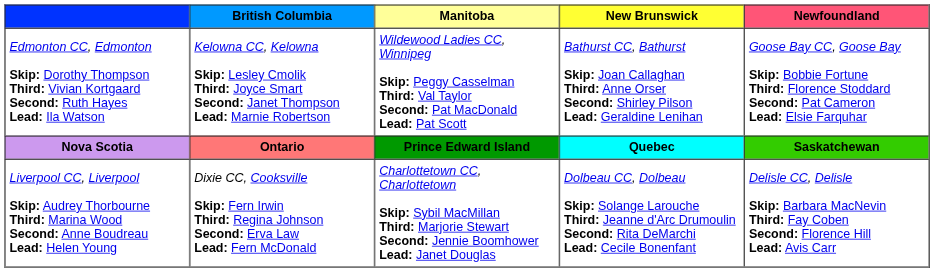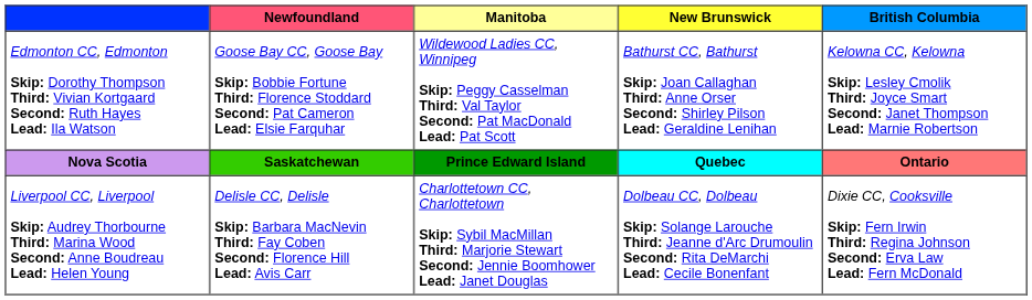 <table border=1 cellpadding=5 cellspacing=0>
 <tr>
 <th bgcolor="#0033ff" width="225"></th>
-<th bgcolor="#0099ff" width="225">British Columbia</th>
+<th bgcolor="#ff5577" width="225">Newfoundland</th>
 <th bgcolor="#ffff99" width="225">Manitoba</th>
 <th bgcolor="#ffff33" width="225">New Brunswick</th>
-<th bgcolor="#ff5577" width="225">Newfoundland</th>
+<th bgcolor="#0099ff" width="225">British Columbia</th>
 </tr>
 <tr>
 <td><em><a href='#'>Edmonton CC</a>, <a href='#'>Edmonton</a></em> <br><br><strong>Skip:</strong>  <a href='#'>Dorothy Thompson</a> <br> <strong>Third:</strong>  <a href='#'>Vivian Kortgaard</a> <br> <strong>Second:</strong>  <a href='#'>Ruth Hayes</a> <br> <strong>Lead:</strong> <a href='#'>Ila Watson</a></td>
-<td><em><a href='#'>Kelowna CC</a>, <a href='#'>Kelowna</a></em> <br><br><strong>Skip:</strong>  <a href='#'>Lesley Cmolik</a> <br> <strong>Third:</strong>  <a href='#'>Joyce Smart</a> <br> <strong>Second:</strong>  <a href='#'>Janet Thompson</a> <br> <strong>Lead:</strong> <a href='#'>Marnie Robertson</a></td>
+<td><em><a href='#'>Goose Bay CC</a>, <a href='#'>Goose Bay</a></em> <br><br><strong>Skip:</strong> <a href='#'>Bobbie Fortune</a> <br> <strong>Third:</strong> <a href='#'>Florence Stoddard</a> <br> <strong>Second:</strong> <a href='#'>Pat Cameron</a> <br> <strong>Lead:</strong> <a href='#'>Elsie Farquhar</a></td>
 <td><em><a href='#'>Wildewood Ladies CC</a>, <a href='#'>Winnipeg</a></em> <br><br><strong>Skip:</strong> <a href='#'>Peggy Casselman</a> <br> <strong>Third:</strong> <a href='#'>Val Taylor</a> <br> <strong>Second:</strong> <a href='#'>Pat MacDonald</a> <br> <strong>Lead:</strong> <a href='#'>Pat Scott</a></td>
 <td><em><a href='#'>Bathurst CC</a>, <a href='#'>Bathurst</a></em> <br><br><strong>Skip:</strong> <a href='#'>Joan Callaghan</a> <br> <strong>Third:</strong> <a href='#'>Anne Orser</a> <br> <strong>Second:</strong> <a href='#'>Shirley Pilson</a> <br> <strong>Lead:</strong> <a href='#'>Geraldine Lenihan</a></td>
-<td><em><a href='#'>Goose Bay CC</a>, <a href='#'>Goose Bay</a></em> <br><br><strong>Skip:</strong> <a href='#'>Bobbie Fortune</a> <br> <strong>Third:</strong> <a href='#'>Florence Stoddard</a> <br> <strong>Second:</strong> <a href='#'>Pat Cameron</a> <br> <strong>Lead:</strong> <a href='#'>Elsie Farquhar</a></td>
+<td><em><a href='#'>Kelowna CC</a>, <a href='#'>Kelowna</a></em> <br><br><strong>Skip:</strong>  <a href='#'>Lesley Cmolik</a> <br> <strong>Third:</strong>  <a href='#'>Joyce Smart</a> <br> <strong>Second:</strong>  <a href='#'>Janet Thompson</a> <br> <strong>Lead:</strong> <a href='#'>Marnie Robertson</a></td>
 </tr>
 <tr border=1 cellpadding=5 cellspacing=0>
 <th bgcolor="#cc99ee" width="200">Nova Scotia</th>
-<th bgcolor="#ff7777" width="200">Ontario</th>
+<th bgcolor="#33cc00" width="200">Saskatchewan</th>
 <th bgcolor="#009900" width="200">Prince Edward Island</th>
 <th bgcolor="#00ffff" width="200">Quebec</th>
-<th bgcolor="#33cc00" width="200">Saskatchewan</th>
+<th bgcolor="#ff7777" width="200">Ontario</th>
 </tr>
 <tr>
 <td><em><a href='#'>Liverpool CC</a>, <a href='#'>Liverpool</a></em> <br><br><strong>Skip:</strong> <a href='#'>Audrey Thorbourne</a> <br> <strong>Third:</strong> <a href='#'>Marina Wood</a> <br> <strong>Second:</strong> <a href='#'>Anne Boudreau</a> <br> <strong>Lead:</strong> <a href='#'>Helen Young</a></td>
-<td><em>Dixie CC, <a href='#'>Cooksville</a></em> <br><br><strong>Skip:</strong> <a href='#'>Fern Irwin</a> <br> <strong>Third:</strong> <a href='#'>Regina Johnson</a> <br> <strong>Second:</strong> <a href='#'>Erva Law</a> <br> <strong>Lead:</strong> <a href='#'>Fern McDonald</a></td>
+<td><em><a href='#'>Delisle CC</a>, <a href='#'>Delisle</a></em> <br><br><strong>Skip:</strong> <a href='#'>Barbara MacNevin</a> <br> <strong>Third:</strong> <a href='#'>Fay Coben</a><br> <strong>Second:</strong> <a href='#'>Florence Hill</a><br> <strong>Lead:</strong> <a href='#'>Avis Carr</a></td>
 <td><em><a href='#'>Charlottetown CC</a>, <a href='#'>Charlottetown</a></em> <br><br><strong>Skip:</strong> <a href='#'>Sybil MacMillan</a><br> <strong>Third:</strong> <a href='#'>Marjorie Stewart</a><br> <strong>Second:</strong> <a href='#'>Jennie Boomhower</a><br> <strong>Lead:</strong> <a href='#'>Janet Douglas</a></td>
 <td><em><a href='#'>Dolbeau CC</a>, <a href='#'>Dolbeau</a></em> <br><br><strong>Skip:</strong> <a href='#'>Solange Larouche</a> <br> <strong>Third:</strong> <a href='#'>Jeanne d'Arc Drumoulin</a> <br> <strong>Second:</strong> <a href='#'>Rita DeMarchi</a> <br> <strong>Lead:</strong> <a href='#'>Cecile Bonenfant</a></td>
-<td><em><a href='#'>Delisle CC</a>, <a href='#'>Delisle</a></em> <br><br><strong>Skip:</strong> <a href='#'>Barbara MacNevin</a> <br> <strong>Third:</strong> <a href='#'>Fay Coben</a><br> <strong>Second:</strong> <a href='#'>Florence Hill</a><br> <strong>Lead:</strong> <a href='#'>Avis Carr</a></td>
+<td><em>Dixie CC, <a href='#'>Cooksville</a></em> <br><br><strong>Skip:</strong> <a href='#'>Fern Irwin</a> <br> <strong>Third:</strong> <a href='#'>Regina Johnson</a> <br> <strong>Second:</strong> <a href='#'>Erva Law</a> <br> <strong>Lead:</strong> <a href='#'>Fern McDonald</a></td>
 </tr>
 </table>
